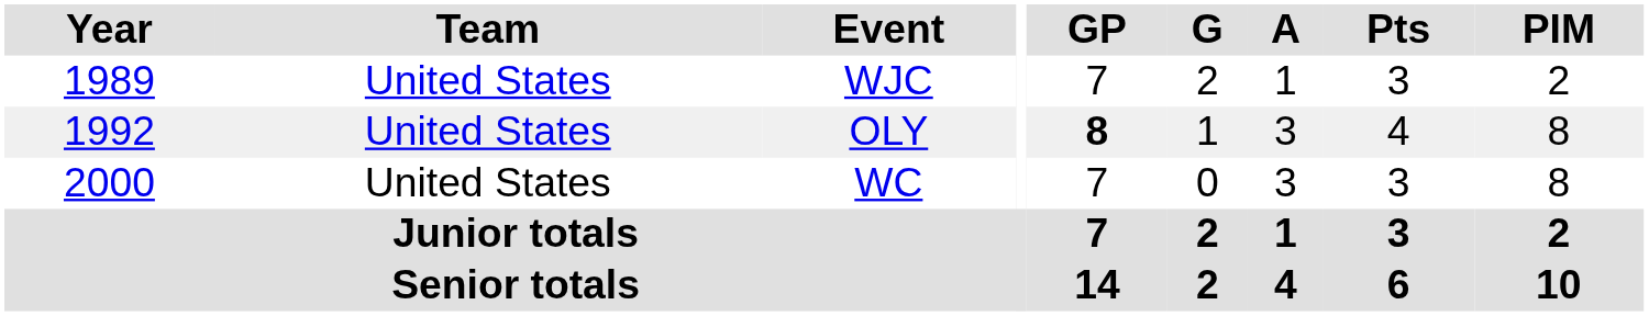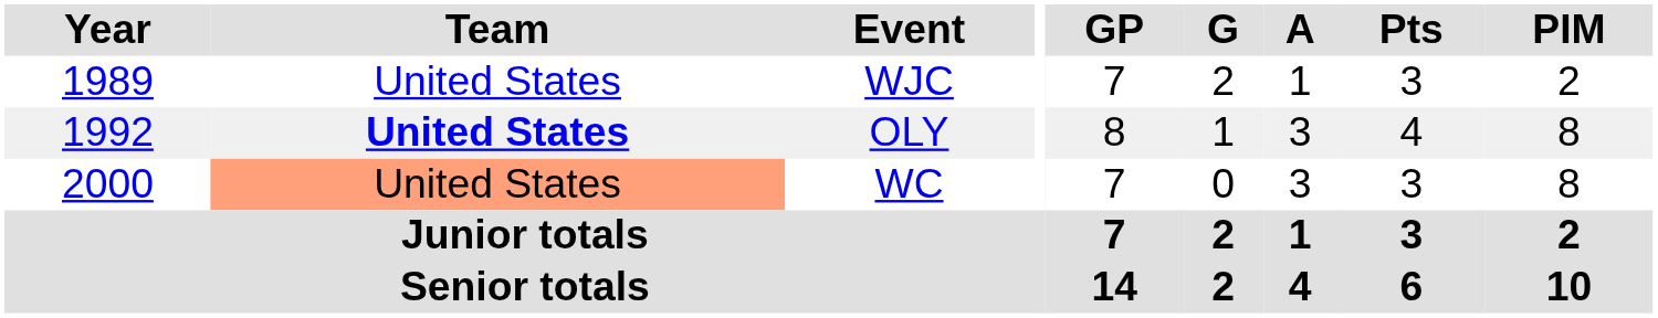 <table border="0" cellpadding="1" cellspacing="0" ID="Table3" style="text-align:center; width:40em">
 <tr bgcolor="#e0e0e0">
 <th>Year</th>
 <th>Team</th>
 <th>Event</th>
 <th rowspan="102" bgcolor="#ffffff"></th>
 <th>GP</th>
 <th>G</th>
 <th>A</th>
 <th>Pts</th>
 <th>PIM</th>
 </tr>
 <tr>
 <td><a href='#'>1989</a></td>
 <td><a href='#'>United States</a></td>
 <td><a href='#'>WJC</a></td>
 <td>7</td>
 <td>2</td>
 <td>1</td>
 <td>3</td>
 <td>2</td>
 </tr>
 <tr bgcolor="#f0f0f0">
 <td><a href='#'>1992</a></td>
-<td><a href='#'>United States</a></td>
+<td><strong><a href='#'>United States</a></strong></td>
 <td><a href='#'>OLY</a></td>
-<td><strong>8</strong></td>
+<td>8</td>
 <td>1</td>
 <td>3</td>
 <td>4</td>
 <td>8</td>
 </tr>
 <tr>
 <td><a href='#'>2000</a></td>
-<td>United States</td>
+<td style="background: lightsalmon;">United States</td>
 <td><a href='#'>WC</a></td>
 <td>7</td>
 <td>0</td>
 <td>3</td>
 <td>3</td>
 <td>8</td>
 </tr>
 <tr bgcolor="#e0e0e0">
 <th colspan="4">Junior totals</th>
 <th>7</th>
 <th>2</th>
 <th>1</th>
 <th>3</th>
 <th>2</th>
 </tr>
 <tr bgcolor="#e0e0e0">
 <th colspan="4">Senior totals</th>
 <th>14</th>
 <th>2</th>
 <th>4</th>
 <th>6</th>
 <th>10</th>
 </tr>
 </table>
